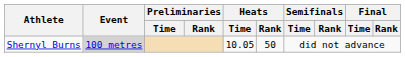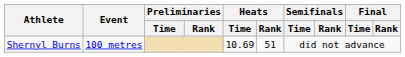 <table class=wikitable style="font-size:90%;">
 <tr>
 <th rowspan=2>Athlete</th>
 <th rowspan=2>Event</th>
 <th colspan=2>Preliminaries</th>
 <th colspan=2>Heats</th>
 <th colspan=2>Semifinals</th>
 <th colspan=2>Final</th>
 </tr>
 <tr>
 <th>Time</th>
 <th>Rank</th>
 <th>Time</th>
 <th>Rank</th>
 <th>Time</th>
 <th>Rank</th>
 <th>Time</th>
 <th>Rank</th>
 </tr>
 <tr>
 <td><a href='#'>Shernyl Burns</a></td>
-<td style="background: lightgrey;"><a href='#'>100 metres</a></td>
+<td><a href='#'>100 metres</a></td>
 <td colspan= 2 bgcolor="wheat"></td>
-<td align="center">10.05</td>
-<td align="center">50</td>
+<td align="center">10.69</td>
+<td align="center">51</td>
 <td align="center" colspan=4>did not advance</td>
 </tr>
 </table>
